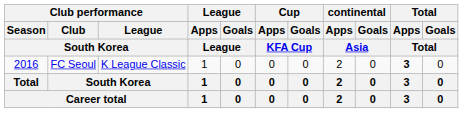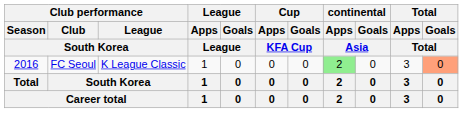 <table class="wikitable" style="text-align:center">
 <tr>
 <th colspan=3>Club performance</th>
 <th colspan=2>League</th>
 <th colspan=2>Cup</th>
 <th colspan=2>continental</th>
 <th colspan=2>Total</th>
 </tr>
 <tr>
 <th>Season</th>
 <th>Club</th>
 <th>League</th>
 <th>Apps</th>
 <th>Goals</th>
 <th>Apps</th>
 <th>Goals</th>
 <th>Apps</th>
 <th>Goals</th>
 <th>Apps</th>
 <th>Goals</th>
 </tr>
 <tr>
 <th colspan=3>South Korea</th>
 <th colspan=2>League</th>
 <th colspan=2><a href='#'>KFA Cup</a></th>
 <th colspan=2><a href='#'>Asia</a></th>
 <th colspan=2>Total</th>
 </tr>
 <tr>
 <td><a href='#'>2016</a></td>
 <td><a href='#'>FC Seoul</a></td>
 <td><a href='#'>K League Classic</a></td>
 <td>1</td>
 <td>0</td>
 <td>0</td>
 <td>0</td>
-<td>2</td>
+<td style="background: lightgreen;">2</td>
 <td>0</td>
-<td><strong>3</strong></td>
-<td>0</td>
+<td>3</td>
+<td style="background: lightsalmon;">0</td>
 </tr>
 <tr>
 <th>Total</th>
 <th colspan=2>South Korea</th>
 <th>1</th>
 <th>0</th>
 <th>0</th>
 <th>0</th>
 <th>2</th>
 <th>0</th>
 <th>3</th>
 <th>0</th>
 </tr>
 <tr>
 <th colspan=3>Career total</th>
 <th>1</th>
 <th>0</th>
 <th>0</th>
 <th>0</th>
 <th>2</th>
 <th>0</th>
 <th>3</th>
 <th>0</th>
 </tr>
 </table>
